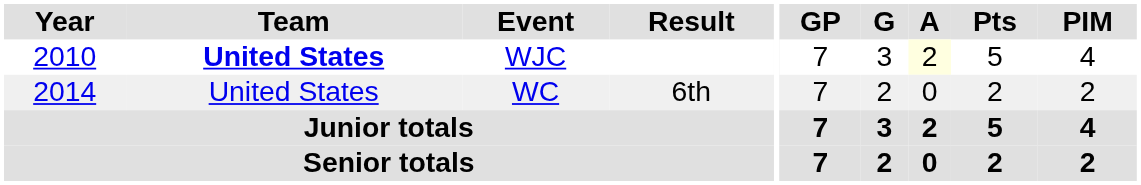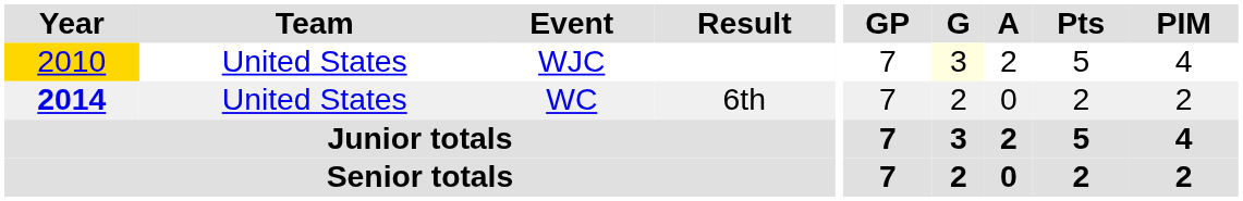 <table border="0" cellpadding="1" cellspacing="0" ID="Table3" style="text-align:center; width:40em">
 <tr bgcolor="#e0e0e0">
 <th>Year</th>
 <th>Team</th>
 <th>Event</th>
 <th>Result</th>
 <th rowspan="99" bgcolor="#ffffff"></th>
 <th>GP</th>
 <th>G</th>
 <th>A</th>
 <th>Pts</th>
 <th>PIM</th>
 </tr>
 <tr>
-<td><a href='#'>2010</a></td>
-<td><strong><a href='#'>United States</a></strong></td>
+<td style="background: gold;"><a href='#'>2010</a></td>
+<td><a href='#'>United States</a></td>
 <td><a href='#'>WJC</a></td>
 <td></td>
 <td>7</td>
-<td>3</td>
-<td style="background: lightyellow;">2</td>
+<td style="background: lightyellow;">3</td>
+<td>2</td>
 <td>5</td>
 <td>4</td>
 </tr>
 <tr bgcolor="#f0f0f0">
-<td><a href='#'>2014</a></td>
+<td><strong><a href='#'>2014</a></strong></td>
 <td><a href='#'>United States</a></td>
 <td><a href='#'>WC</a></td>
 <td>6th</td>
 <td>7</td>
 <td>2</td>
 <td>0</td>
 <td>2</td>
 <td>2</td>
 </tr>
 <tr bgcolor="#e0e0e0">
 <th colspan=4>Junior totals</th>
 <th>7</th>
 <th>3</th>
 <th>2</th>
 <th>5</th>
 <th>4</th>
 </tr>
 <tr bgcolor="#e0e0e0">
 <th colspan=4>Senior totals</th>
 <th>7</th>
 <th>2</th>
 <th>0</th>
 <th>2</th>
 <th>2</th>
 </tr>
 </table>
